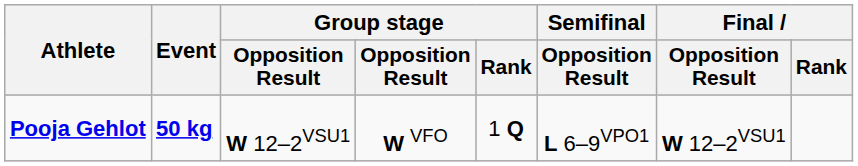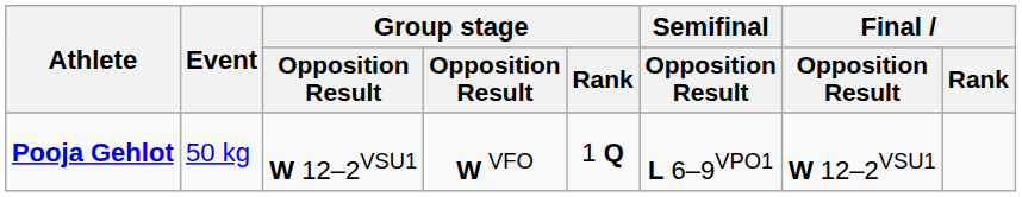 <table class="wikitable" style="font-size:90%; text-align:center">
 <tr>
 <th rowspan=2>Athlete</th>
 <th rowspan=2>Event</th>
 <th colspan=3>Group stage</th>
 <th>Semifinal</th>
 <th colspan=2>Final / </th>
 </tr>
 <tr style="font-size: 95%">
 <th>Opposition<br>Result</th>
 <th>Opposition<br>Result</th>
 <th>Rank</th>
 <th>Opposition<br>Result</th>
 <th>Opposition<br>Result</th>
 <th>Rank</th>
 </tr>
 <tr>
 <td align=left><strong><a href='#'>Pooja Gehlot</a></strong></td>
-<td align=left><strong><a href='#'>50 kg</a></strong></td>
+<td align=left><a href='#'>50 kg</a></td>
 <td><br><strong>W</strong> 12–2<sup>VSU1</sup></td>
 <td><br><strong>W</strong> <sup>VFO</sup></td>
 <td>1 <strong>Q</strong></td>
 <td><br><strong>L</strong> 6–9<sup>VPO1</sup></td>
 <td><br><strong>W</strong> 12–2<sup>VSU1</sup></td>
 <td></td>
 </tr>
 </table>
